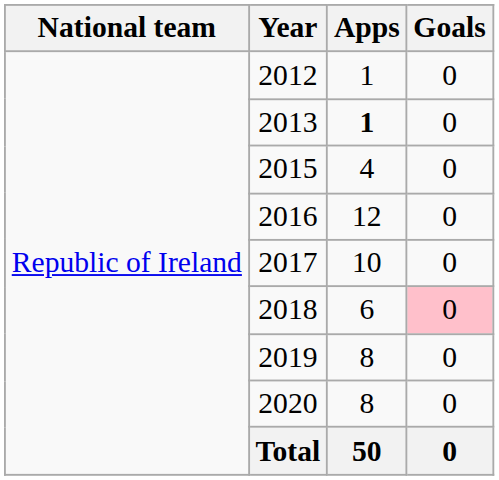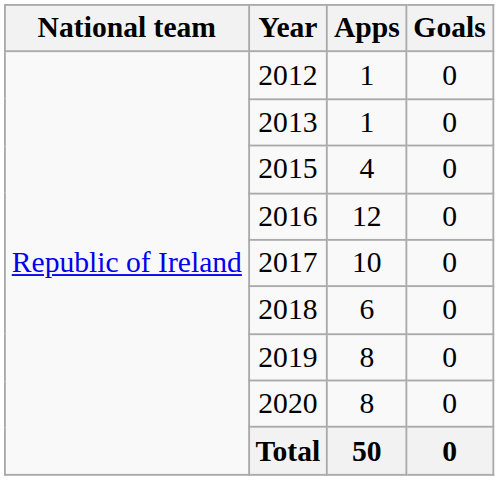 <table class="wikitable" style="text-align:center">
 <tr>
 <th>National team</th>
 <th>Year</th>
 <th>Apps</th>
 <th>Goals</th>
 </tr>
 <tr>
 <td rowspan="9"><a href='#'>Republic of Ireland</a></td>
 <td>2012</td>
 <td>1</td>
 <td>0</td>
 </tr>
 <tr>
 <td>2013</td>
-<td><strong>1</strong></td>
+<td>1</td>
 <td>0</td>
 </tr>
 <tr>
 <td>2015</td>
 <td>4</td>
 <td>0</td>
 </tr>
 <tr>
 <td>2016</td>
 <td>12</td>
 <td>0</td>
 </tr>
 <tr>
 <td>2017</td>
 <td>10</td>
 <td>0</td>
 </tr>
 <tr>
 <td>2018</td>
 <td>6</td>
-<td style="background: pink;">0</td>
+<td>0</td>
 </tr>
 <tr>
 <td>2019</td>
 <td>8</td>
 <td>0</td>
 </tr>
 <tr>
 <td>2020</td>
 <td>8</td>
 <td>0</td>
 </tr>
 <tr>
 <th>Total</th>
 <th>50</th>
 <th>0</th>
 </tr>
 </table>
